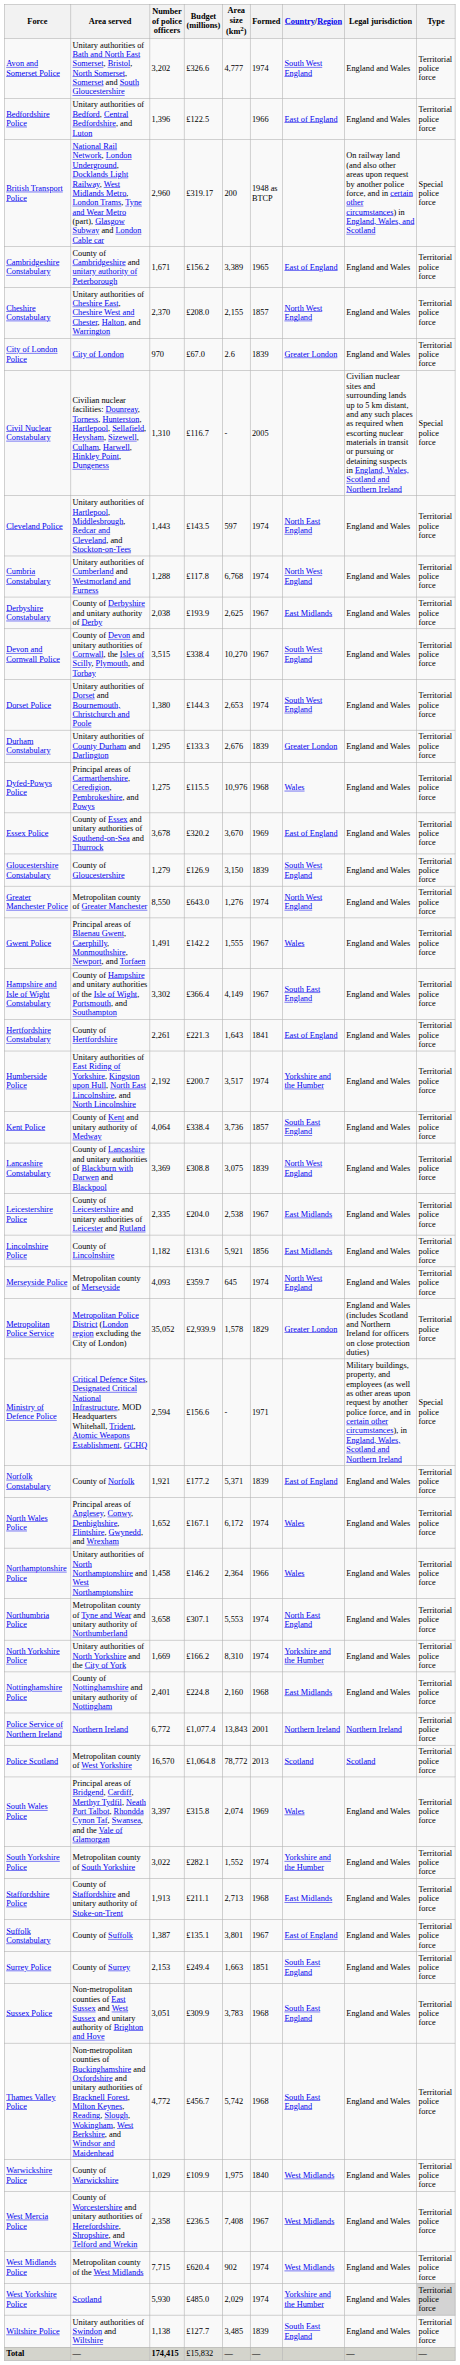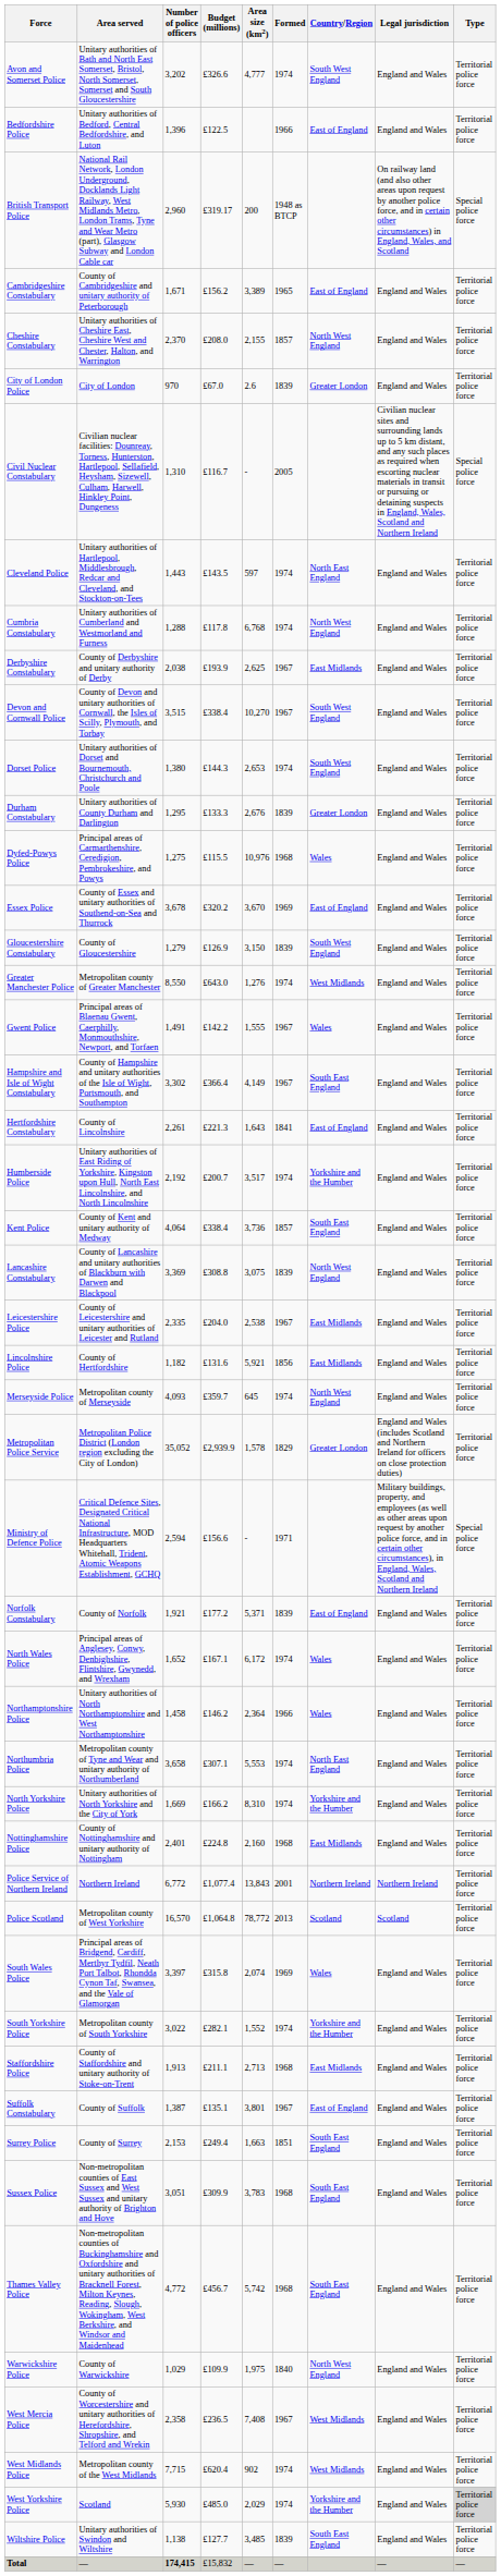 <table class="wikitable sortable" style="text-align:left">
 <tr>
 <th>Force</th>
 <th data-sort-type="number">Area served</th>
 <th>Number of police officers</th>
 <th data-sort-type="number">Budget (millions)</th>
 <th data-sort-type="number">Area size (km<sup>2</sup>)</th>
 <th>Formed</th>
 <th><a href='#'>Country</a>/<a href='#'>Region</a></th>
 <th>Legal jurisdiction</th>
 <th>Type</th>
 </tr>
 <tr>
 <td><a href='#'>Avon and Somerset Police</a></td>
 <td>Unitary authorities of <a href='#'>Bath and North East Somerset</a>, <a href='#'>Bristol</a>, <a href='#'>North Somerset</a>, <a href='#'>Somerset</a> and <a href='#'>South Gloucestershire</a></td>
 <td>3,202</td>
 <td>£326.6</td>
 <td> 4,777</td>
 <td> 1974</td>
 <td><a href='#'>South West England</a></td>
 <td>England and Wales</td>
 <td>Territorial police force</td>
 </tr>
 <tr>
 <td><a href='#'>Bedfordshire Police</a></td>
 <td>Unitary authorities of <a href='#'>Bedford</a>, <a href='#'>Central Bedfordshire</a>, and <a href='#'>Luton</a></td>
 <td>1,396</td>
 <td>£122.5</td>
 <td> </td>
 <td> 1966</td>
 <td><a href='#'>East of England</a></td>
 <td>England and Wales</td>
 <td>Territorial police force</td>
 </tr>
 <tr>
 <td><a href='#'>British Transport Police</a></td>
 <td><a href='#'>National Rail Network</a>, <a href='#'>London Underground</a>, <a href='#'>Docklands Light Railway</a>, <a href='#'>West Midlands Metro</a>, <a href='#'>London Trams</a>, <a href='#'>Tyne and Wear Metro</a> (part), <a href='#'>Glasgow Subway</a> and <a href='#'>London Cable car</a></td>
 <td>2,960</td>
 <td>£319.17</td>
 <td>200</td>
 <td> 1948 as BTCP</td>
 <td></td>
 <td>On railway land (and also other areas upon request by another police force, and in <a href='#'>certain other circumstances</a>) in <a href='#'>England, Wales, and Scotland</a></td>
 <td>Special police force</td>
 </tr>
 <tr>
 <td><a href='#'>Cambridgeshire Constabulary</a></td>
 <td>County of <a href='#'>Cambridgeshire</a> and <a href='#'>unitary authority of Peterborough</a></td>
 <td>1,671</td>
 <td>£156.2</td>
 <td> 3,389</td>
 <td> 1965</td>
 <td><a href='#'>East of England</a></td>
 <td>England and Wales</td>
 <td>Territorial police force</td>
 </tr>
 <tr>
 <td><a href='#'>Cheshire Constabulary</a></td>
 <td>Unitary authorities of <a href='#'>Cheshire East</a>, <a href='#'>Cheshire West and Chester</a>, <a href='#'>Halton</a>, and <a href='#'>Warrington</a></td>
 <td>2,370</td>
 <td>£208.0</td>
 <td> 2,155</td>
 <td> 1857</td>
 <td><a href='#'>North West England</a></td>
 <td>England and Wales</td>
 <td>Territorial police force</td>
 </tr>
 <tr>
 <td><a href='#'>City of London Police</a></td>
 <td><a href='#'>City of London</a></td>
 <td>970</td>
 <td>£67.0</td>
 <td>2.6</td>
 <td> 1839</td>
 <td><a href='#'>Greater London</a></td>
 <td>England and Wales</td>
 <td>Territorial police force</td>
 </tr>
 <tr>
 <td><a href='#'>Civil Nuclear Constabulary</a></td>
 <td>Civilian nuclear facilities: <a href='#'>Dounreay</a>, <a href='#'>Torness</a>, <a href='#'>Hunterston</a>, <a href='#'>Hartlepool</a>, <a href='#'>Sellafield</a>, <a href='#'>Heysham</a>, <a href='#'>Sizewell</a>, <a href='#'>Culham</a>, <a href='#'>Harwell</a>, <a href='#'>Hinkley Point</a>, <a href='#'>Dungeness</a></td>
 <td>1,310</td>
 <td> £116.7</td>
 <td>-</td>
 <td> 2005</td>
 <td></td>
 <td>Civilian nuclear sites and surrounding lands up to 5 km distant, and any such places as required when escorting nuclear materials in transit or pursuing or detaining suspects in <a href='#'>England, Wales, Scotland and Northern Ireland</a></td>
 <td>Special police force</td>
 </tr>
 <tr>
 <td><a href='#'>Cleveland Police</a></td>
 <td>Unitary authorities of <a href='#'>Hartlepool</a>, <a href='#'>Middlesbrough</a>, <a href='#'>Redcar and Cleveland</a>, and <a href='#'>Stockton-on-Tees</a></td>
 <td>1,443</td>
 <td>£143.5</td>
 <td> 597</td>
 <td> 1974</td>
 <td><a href='#'>North East England</a></td>
 <td>England and Wales</td>
 <td>Territorial police force</td>
 </tr>
 <tr>
 <td><a href='#'>Cumbria Constabulary</a></td>
 <td>Unitary authorities of <a href='#'>Cumberland</a> and <a href='#'>Westmorland and Furness</a></td>
 <td>1,288</td>
 <td>£117.8</td>
 <td> 6,768</td>
 <td> 1974</td>
 <td><a href='#'>North West England</a></td>
 <td>England and Wales</td>
 <td>Territorial police force</td>
 </tr>
 <tr>
 <td><a href='#'>Derbyshire Constabulary</a></td>
 <td>County of <a href='#'>Derbyshire</a> and unitary authority of <a href='#'>Derby</a></td>
 <td>2,038</td>
 <td>£193.9</td>
 <td> 2,625</td>
 <td> 1967</td>
 <td><a href='#'>East Midlands</a></td>
 <td>England and Wales</td>
 <td>Territorial police force</td>
 </tr>
 <tr>
 <td><a href='#'>Devon and Cornwall Police</a></td>
 <td>County of <a href='#'>Devon</a> and unitary authorities of <a href='#'>Cornwall</a>, the <a href='#'>Isles of Scilly</a>, <a href='#'>Plymouth</a>, and <a href='#'>Torbay</a></td>
 <td>3,515</td>
 <td>£338.4</td>
 <td> 10,270</td>
 <td> 1967</td>
 <td><a href='#'>South West England</a></td>
 <td>England and Wales</td>
 <td>Territorial police force</td>
 </tr>
 <tr>
 <td><a href='#'>Dorset Police</a></td>
 <td>Unitary authorities of <a href='#'>Dorset</a> and <a href='#'>Bournemouth, Christchurch and Poole</a></td>
 <td>1,380</td>
 <td>£144.3</td>
 <td> 2,653</td>
 <td> 1974</td>
 <td><a href='#'>South West England</a></td>
 <td>England and Wales</td>
 <td>Territorial police force</td>
 </tr>
 <tr>
 <td><a href='#'>Durham Constabulary</a></td>
 <td>Unitary authorities of <a href='#'>County Durham</a> and <a href='#'>Darlington</a></td>
 <td>1,295</td>
 <td>£133.3</td>
 <td> 2,676</td>
 <td> 1839</td>
 <td><a href='#'>Greater London</a></td>
 <td>England and Wales</td>
 <td>Territorial police force</td>
 </tr>
 <tr>
 <td><a href='#'>Dyfed-Powys Police</a></td>
 <td>Principal areas of <a href='#'>Carmarthenshire</a>, <a href='#'>Ceredigion</a>, <a href='#'>Pembrokeshire</a>, and <a href='#'>Powys</a></td>
 <td>1,275</td>
 <td>£115.5</td>
 <td> 10,976</td>
 <td> 1968</td>
 <td><a href='#'>Wales</a></td>
 <td>England and Wales</td>
 <td>Territorial police force</td>
 </tr>
 <tr>
 <td><a href='#'>Essex Police</a></td>
 <td>County of <a href='#'>Essex</a> and unitary authorities of <a href='#'>Southend-on-Sea</a> and <a href='#'>Thurrock</a></td>
 <td>3,678</td>
 <td>£320.2</td>
 <td> 3,670</td>
 <td> 1969</td>
 <td><a href='#'>East of England</a></td>
 <td>England and Wales</td>
 <td>Territorial police force</td>
 </tr>
 <tr>
 <td><a href='#'>Gloucestershire Constabulary</a></td>
 <td>County of <a href='#'>Gloucestershire</a></td>
 <td>1,279</td>
 <td>£126.9</td>
 <td> 3,150</td>
 <td> 1839</td>
 <td><a href='#'>South West England</a></td>
 <td>England and Wales</td>
 <td>Territorial police force</td>
 </tr>
 <tr>
 <td><a href='#'>Greater Manchester Police</a></td>
 <td>Metropolitan county of <a href='#'>Greater Manchester</a></td>
 <td>8,550</td>
 <td>£643.0</td>
 <td> 1,276</td>
 <td> 1974</td>
-<td><a href='#'>North West England</a></td>
+<td><a href='#'>West Midlands</a></td>
 <td>England and Wales</td>
 <td>Territorial police force</td>
 </tr>
 <tr>
 <td><a href='#'>Gwent Police</a></td>
 <td>Principal areas of <a href='#'>Blaenau Gwent</a>, <a href='#'>Caerphilly</a>, <a href='#'>Monmouthshire</a>, <a href='#'>Newport</a>, and <a href='#'>Torfaen</a></td>
 <td>1,491</td>
 <td>£142.2</td>
 <td> 1,555</td>
 <td> 1967</td>
 <td><a href='#'>Wales</a></td>
 <td>England and Wales</td>
 <td>Territorial police force</td>
 </tr>
 <tr>
 <td><a href='#'>Hampshire and Isle of Wight Constabulary</a></td>
 <td>County of <a href='#'>Hampshire</a> and unitary authorities of the <a href='#'>Isle of Wight</a>, <a href='#'>Portsmouth</a>, and <a href='#'>Southampton</a></td>
 <td>3,302</td>
 <td>£366.4</td>
 <td> 4,149</td>
 <td> 1967</td>
 <td><a href='#'>South East England</a></td>
 <td>England and Wales</td>
 <td>Territorial police force</td>
 </tr>
 <tr>
 <td><a href='#'>Hertfordshire Constabulary</a></td>
-<td>County of <a href='#'>Hertfordshire</a></td>
+<td>County of <a href='#'>Lincolnshire</a></td>
 <td>2,261</td>
 <td>£221.3</td>
 <td> 1,643</td>
 <td> 1841</td>
 <td><a href='#'>East of England</a></td>
 <td>England and Wales</td>
 <td>Territorial police force</td>
 </tr>
 <tr>
 <td><a href='#'>Humberside Police</a></td>
 <td>Unitary authorities of <a href='#'>East Riding of Yorkshire</a>, <a href='#'>Kingston upon Hull</a>, <a href='#'>North East Lincolnshire</a>, and <a href='#'>North Lincolnshire</a></td>
 <td>2,192</td>
 <td>£200.7</td>
 <td> 3,517</td>
 <td> 1974</td>
 <td><a href='#'>Yorkshire and the Humber</a></td>
 <td>England and Wales</td>
 <td>Territorial police force</td>
 </tr>
 <tr>
 <td><a href='#'>Kent Police</a></td>
 <td>County of <a href='#'>Kent</a> and unitary authority of <a href='#'>Medway</a></td>
 <td>4,064</td>
 <td>£338.4</td>
 <td> 3,736</td>
 <td> 1857</td>
 <td><a href='#'>South East England</a></td>
 <td>England and Wales</td>
 <td>Territorial police force</td>
 </tr>
 <tr>
 <td><a href='#'>Lancashire Constabulary</a></td>
 <td>County of <a href='#'>Lancashire</a> and unitary authorities of <a href='#'>Blackburn with Darwen</a> and <a href='#'>Blackpool</a></td>
 <td>3,369</td>
 <td>£308.8</td>
 <td> 3,075</td>
 <td> 1839</td>
 <td><a href='#'>North West England</a></td>
 <td>England and Wales</td>
 <td>Territorial police force</td>
 </tr>
 <tr>
 <td><a href='#'>Leicestershire Police</a></td>
 <td>County of <a href='#'>Leicestershire</a> and unitary authorities of <a href='#'>Leicester</a> and <a href='#'>Rutland</a></td>
 <td>2,335</td>
 <td>£204.0</td>
 <td> 2,538</td>
 <td> 1967</td>
 <td><a href='#'>East Midlands</a></td>
 <td>England and Wales</td>
 <td>Territorial police force</td>
 </tr>
 <tr>
 <td><a href='#'>Lincolnshire Police</a></td>
-<td>County of <a href='#'>Lincolnshire</a></td>
+<td>County of <a href='#'>Hertfordshire</a></td>
 <td>1,182</td>
 <td>£131.6</td>
 <td> 5,921</td>
 <td> 1856</td>
 <td><a href='#'>East Midlands</a></td>
 <td>England and Wales</td>
 <td>Territorial police force</td>
 </tr>
 <tr>
 <td><a href='#'>Merseyside Police</a></td>
 <td>Metropolitan county of <a href='#'>Merseyside</a></td>
 <td>4,093</td>
 <td>£359.7</td>
 <td> 645</td>
 <td> 1974</td>
 <td><a href='#'>North West England</a></td>
 <td>England and Wales</td>
 <td>Territorial police force</td>
 </tr>
 <tr>
 <td><a href='#'>Metropolitan Police Service</a></td>
 <td><a href='#'>Metropolitan Police District</a> (<a href='#'>London region</a> excluding the City of London)</td>
 <td>35,052</td>
 <td>£2,939.9</td>
 <td> 1,578</td>
 <td> 1829</td>
 <td><a href='#'>Greater London</a></td>
 <td>England and Wales (includes Scotland and Northern Ireland for officers on close protection duties)</td>
 <td>Territorial police force</td>
 </tr>
 <tr>
 <td><a href='#'>Ministry of Defence Police</a></td>
 <td><a href='#'>Critical Defence Sites</a>, <a href='#'>Designated Critical National Infrastructure</a>, MOD Headquarters Whitehall, <a href='#'>Trident</a>, <a href='#'>Atomic Weapons Establishment</a>, <a href='#'>GCHQ</a></td>
 <td>2,594</td>
 <td> £156.6</td>
 <td>-</td>
 <td> 1971</td>
 <td></td>
 <td>Military buildings, property, and employees (as well as other areas upon request by another police force, and in <a href='#'>certain other circumstances</a>), in <a href='#'>England, Wales, Scotland and Northern Ireland</a></td>
 <td>Special police force</td>
 </tr>
 <tr>
 <td><a href='#'>Norfolk Constabulary</a></td>
 <td>County of <a href='#'>Norfolk</a></td>
 <td>1,921</td>
 <td>£177.2</td>
 <td> 5,371</td>
 <td> 1839</td>
 <td><a href='#'>East of England</a></td>
 <td>England and Wales</td>
 <td>Territorial police force</td>
 </tr>
 <tr>
 <td><a href='#'>North Wales Police</a></td>
 <td>Principal areas of <a href='#'>Anglesey</a>, <a href='#'>Conwy</a>, <a href='#'>Denbighshire</a>, <a href='#'>Flintshire</a>, <a href='#'>Gwynedd</a>, and <a href='#'>Wrexham</a></td>
 <td>1,652</td>
 <td>£167.1</td>
 <td> 6,172</td>
 <td> 1974</td>
 <td><a href='#'>Wales</a></td>
 <td>England and Wales</td>
 <td>Territorial police force</td>
 </tr>
 <tr>
 <td><a href='#'>Northamptonshire Police</a></td>
 <td>Unitary authorities of <a href='#'>North Northamptonshire</a> and <a href='#'>West Northamptonshire</a></td>
 <td>1,458</td>
 <td>£146.2</td>
 <td> 2,364</td>
 <td> 1966</td>
 <td><a href='#'>Wales</a></td>
 <td>England and Wales</td>
 <td>Territorial police force</td>
 </tr>
 <tr>
 <td><a href='#'>Northumbria Police</a></td>
 <td>Metropolitan county of <a href='#'>Tyne and Wear</a> and unitary authority of <a href='#'>Northumberland</a></td>
 <td>3,658</td>
 <td>£307.1</td>
 <td> 5,553</td>
 <td> 1974</td>
 <td><a href='#'>North East England</a></td>
 <td>England and Wales</td>
 <td>Territorial police force</td>
 </tr>
 <tr>
 <td><a href='#'>North Yorkshire Police</a></td>
 <td>Unitary authorities of <a href='#'>North Yorkshire</a> and the <a href='#'>City of York</a></td>
 <td>1,669</td>
 <td>£166.2</td>
 <td> 8,310</td>
 <td> 1974</td>
 <td><a href='#'>Yorkshire and the Humber</a></td>
 <td>England and Wales</td>
 <td>Territorial police force</td>
 </tr>
 <tr>
 <td><a href='#'>Nottinghamshire Police</a></td>
 <td>County of <a href='#'>Nottinghamshire</a> and unitary authority of <a href='#'>Nottingham</a></td>
 <td>2,401</td>
 <td>£224.8</td>
 <td> 2,160</td>
 <td> 1968</td>
 <td><a href='#'>East Midlands</a></td>
 <td>England and Wales</td>
 <td>Territorial police force</td>
 </tr>
 <tr>
 <td><a href='#'>Police Service of Northern Ireland</a></td>
 <td><a href='#'>Northern Ireland</a></td>
 <td>6,772</td>
 <td>£1,077.4</td>
 <td> 13,843</td>
 <td> 2001</td>
 <td><a href='#'>Northern Ireland</a></td>
 <td><a href='#'>Northern Ireland</a></td>
 <td>Territorial police force</td>
 </tr>
 <tr>
 <td><a href='#'>Police Scotland</a></td>
 <td>Metropolitan county of <a href='#'>West Yorkshire</a></td>
 <td>16,570</td>
 <td>£1,064.8</td>
 <td> 78,772</td>
 <td> 2013</td>
 <td><a href='#'>Scotland</a></td>
 <td><a href='#'>Scotland</a></td>
 <td>Territorial police force</td>
 </tr>
 <tr>
 <td><a href='#'>South Wales Police</a></td>
 <td>Principal areas of <a href='#'>Bridgend</a>, <a href='#'>Cardiff</a>, <a href='#'>Merthyr Tydfil</a>, <a href='#'>Neath Port Talbot</a>, <a href='#'>Rhondda Cynon Taf</a>, <a href='#'>Swansea</a>, and the <a href='#'>Vale of Glamorgan</a></td>
 <td>3,397</td>
 <td>£315.8</td>
 <td> 2,074</td>
 <td> 1969</td>
 <td><a href='#'>Wales</a></td>
 <td>England and Wales</td>
 <td>Territorial police force</td>
 </tr>
 <tr>
 <td><a href='#'>South Yorkshire Police</a></td>
 <td>Metropolitan county of <a href='#'>South Yorkshire</a></td>
 <td>3,022</td>
 <td>£282.1</td>
 <td> 1,552</td>
 <td> 1974</td>
 <td><a href='#'>Yorkshire and the Humber</a></td>
 <td>England and Wales</td>
 <td>Territorial police force</td>
 </tr>
 <tr>
 <td><a href='#'>Staffordshire Police</a></td>
 <td>County of <a href='#'>Staffordshire</a> and unitary authority of <a href='#'>Stoke-on-Trent</a></td>
 <td>1,913</td>
 <td>£211.1</td>
 <td> 2,713</td>
 <td> 1968</td>
 <td><a href='#'>East Midlands</a></td>
 <td>England and Wales</td>
 <td>Territorial police force</td>
 </tr>
 <tr>
 <td><a href='#'>Suffolk Constabulary</a></td>
 <td>County of <a href='#'>Suffolk</a></td>
 <td>1,387</td>
 <td>£135.1</td>
 <td> 3,801</td>
 <td> 1967</td>
 <td><a href='#'>East of England</a></td>
 <td>England and Wales</td>
 <td>Territorial police force</td>
 </tr>
 <tr>
 <td><a href='#'>Surrey Police</a></td>
 <td>County of <a href='#'>Surrey</a></td>
 <td>2,153</td>
 <td>£249.4</td>
 <td> 1,663</td>
 <td> 1851</td>
 <td><a href='#'>South East England</a></td>
 <td>England and Wales</td>
 <td>Territorial police force</td>
 </tr>
 <tr>
 <td><a href='#'>Sussex Police</a></td>
 <td>Non-metropolitan counties of <a href='#'>East Sussex</a> and <a href='#'>West Sussex</a> and unitary authority of <a href='#'>Brighton and Hove</a></td>
 <td>3,051</td>
 <td>£309.9</td>
 <td> 3,783</td>
 <td> 1968</td>
 <td><a href='#'>South East England</a></td>
 <td>England and Wales</td>
 <td>Territorial police force</td>
 </tr>
 <tr>
 <td><a href='#'>Thames Valley Police</a></td>
 <td>Non-metropolitan counties of <a href='#'>Buckinghamshire</a> and <a href='#'>Oxfordshire</a> and unitary authorities of <a href='#'>Bracknell Forest</a>, <a href='#'>Milton Keynes</a>, <a href='#'>Reading</a>, <a href='#'>Slough</a>, <a href='#'>Wokingham</a>, <a href='#'>West Berkshire</a>, and <a href='#'>Windsor and Maidenhead</a></td>
 <td>4,772</td>
 <td>£456.7</td>
 <td> 5,742</td>
 <td> 1968</td>
 <td><a href='#'>South East England</a></td>
 <td>England and Wales</td>
 <td>Territorial police force</td>
 </tr>
 <tr>
 <td><a href='#'>Warwickshire Police</a></td>
 <td>County of <a href='#'>Warwickshire</a></td>
 <td>1,029</td>
 <td>£109.9</td>
 <td> 1,975</td>
 <td> 1840</td>
-<td><a href='#'>West Midlands</a></td>
+<td><a href='#'>North West England</a></td>
 <td>England and Wales</td>
 <td>Territorial police force</td>
 </tr>
 <tr>
 <td><a href='#'>West Mercia Police</a></td>
 <td>County of <a href='#'>Worcestershire</a> and unitary authorities of <a href='#'>Herefordshire</a>, <a href='#'>Shropshire</a>, and <a href='#'>Telford and Wrekin</a></td>
 <td>2,358</td>
 <td>£236.5</td>
 <td> 7,408</td>
 <td> 1967</td>
 <td><a href='#'>West Midlands</a></td>
 <td>England and Wales</td>
 <td>Territorial police force</td>
 </tr>
 <tr>
 <td><a href='#'>West Midlands Police</a></td>
 <td>Metropolitan county of the <a href='#'>West Midlands</a></td>
 <td>7,715</td>
 <td>£620.4</td>
 <td> 902</td>
 <td> 1974</td>
 <td><a href='#'>West Midlands</a></td>
 <td>England and Wales</td>
 <td>Territorial police force</td>
 </tr>
 <tr>
 <td><a href='#'>West Yorkshire Police</a></td>
 <td><a href='#'>Scotland</a></td>
 <td>5,930</td>
 <td>£485.0</td>
 <td> 2,029</td>
 <td> 1974</td>
 <td><a href='#'>Yorkshire and the Humber</a></td>
 <td>England and Wales</td>
 <td style="background: lightgrey;">Territorial police force</td>
 </tr>
 <tr>
 <td><a href='#'>Wiltshire Police</a></td>
 <td>Unitary authorities of <a href='#'>Swindon</a> and <a href='#'>Wiltshire</a></td>
 <td>1,138</td>
 <td>£127.7</td>
 <td> 3,485</td>
 <td> 1839</td>
 <td><a href='#'>South East England</a></td>
 <td>England and Wales</td>
 <td>Territorial police force</td>
 </tr>
 <tr class="sortbottom" style="background:#d4d4cc;">
 <td><strong>Total</strong></td>
 <td>—</td>
 <td style="text-align: left;"><strong>174,415</strong></td>
 <td>£15,832</td>
 <td>—</td>
 <td>—</td>
 <td></td>
 <td>—</td>
 <td>—</td>
 </tr>
 </table>
